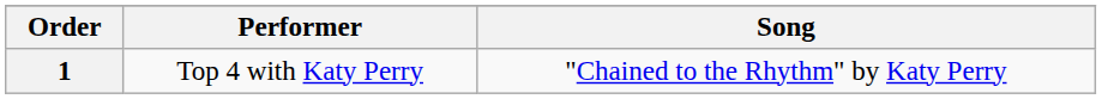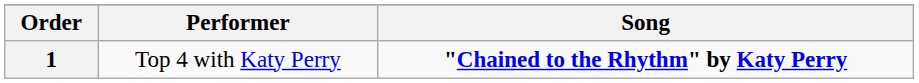 <table class="wikitable" style="text-align:center; width:50%;">
 <tr>
 </tr>
 <tr>
 <th>Order</th>
 <th>Performer</th>
 <th>Song</th>
 </tr>
 <tr>
 <th>1</th>
 <td>Top 4 with <a href='#'>Katy Perry</a></td>
-<td>"<a href='#'>Chained to the Rhythm</a>" by <a href='#'>Katy Perry</a></td>
+<td><strong>"<a href='#'>Chained to the Rhythm</a>" by <a href='#'>Katy Perry</a></strong></td>
 </tr>
 </table>
